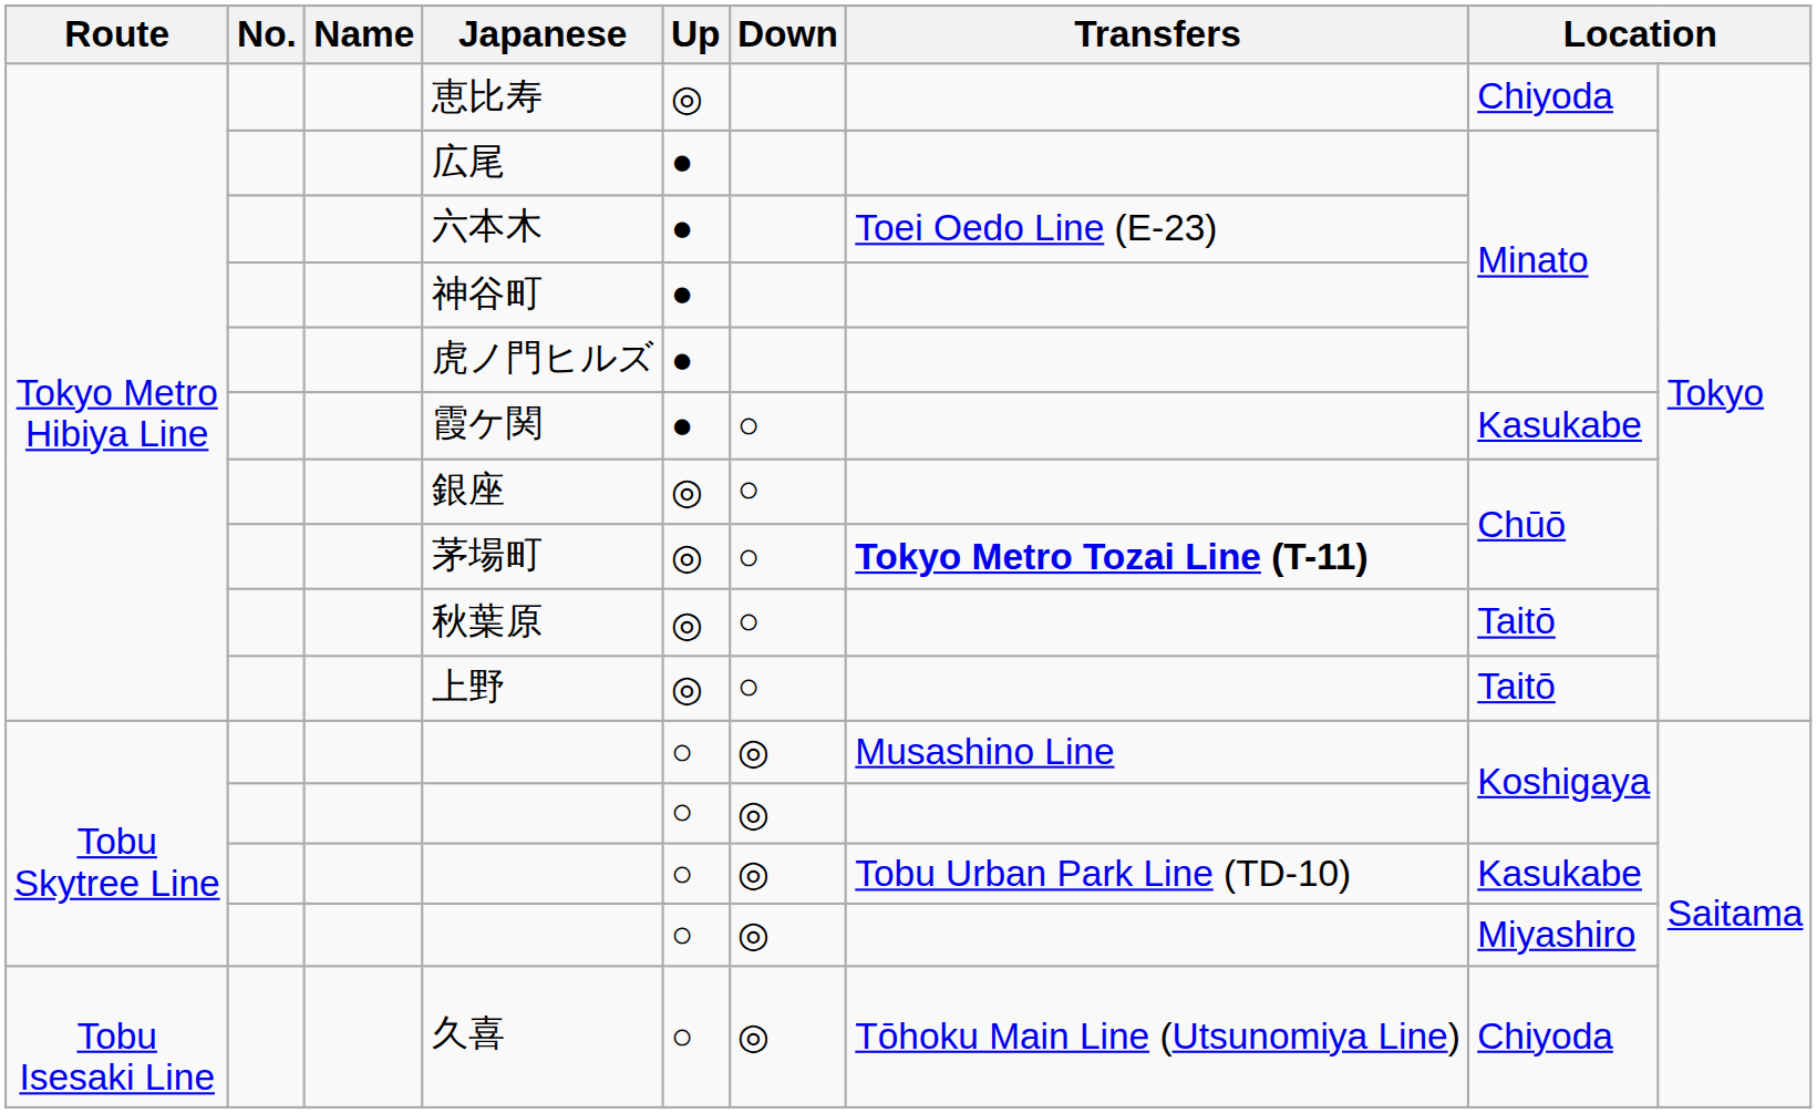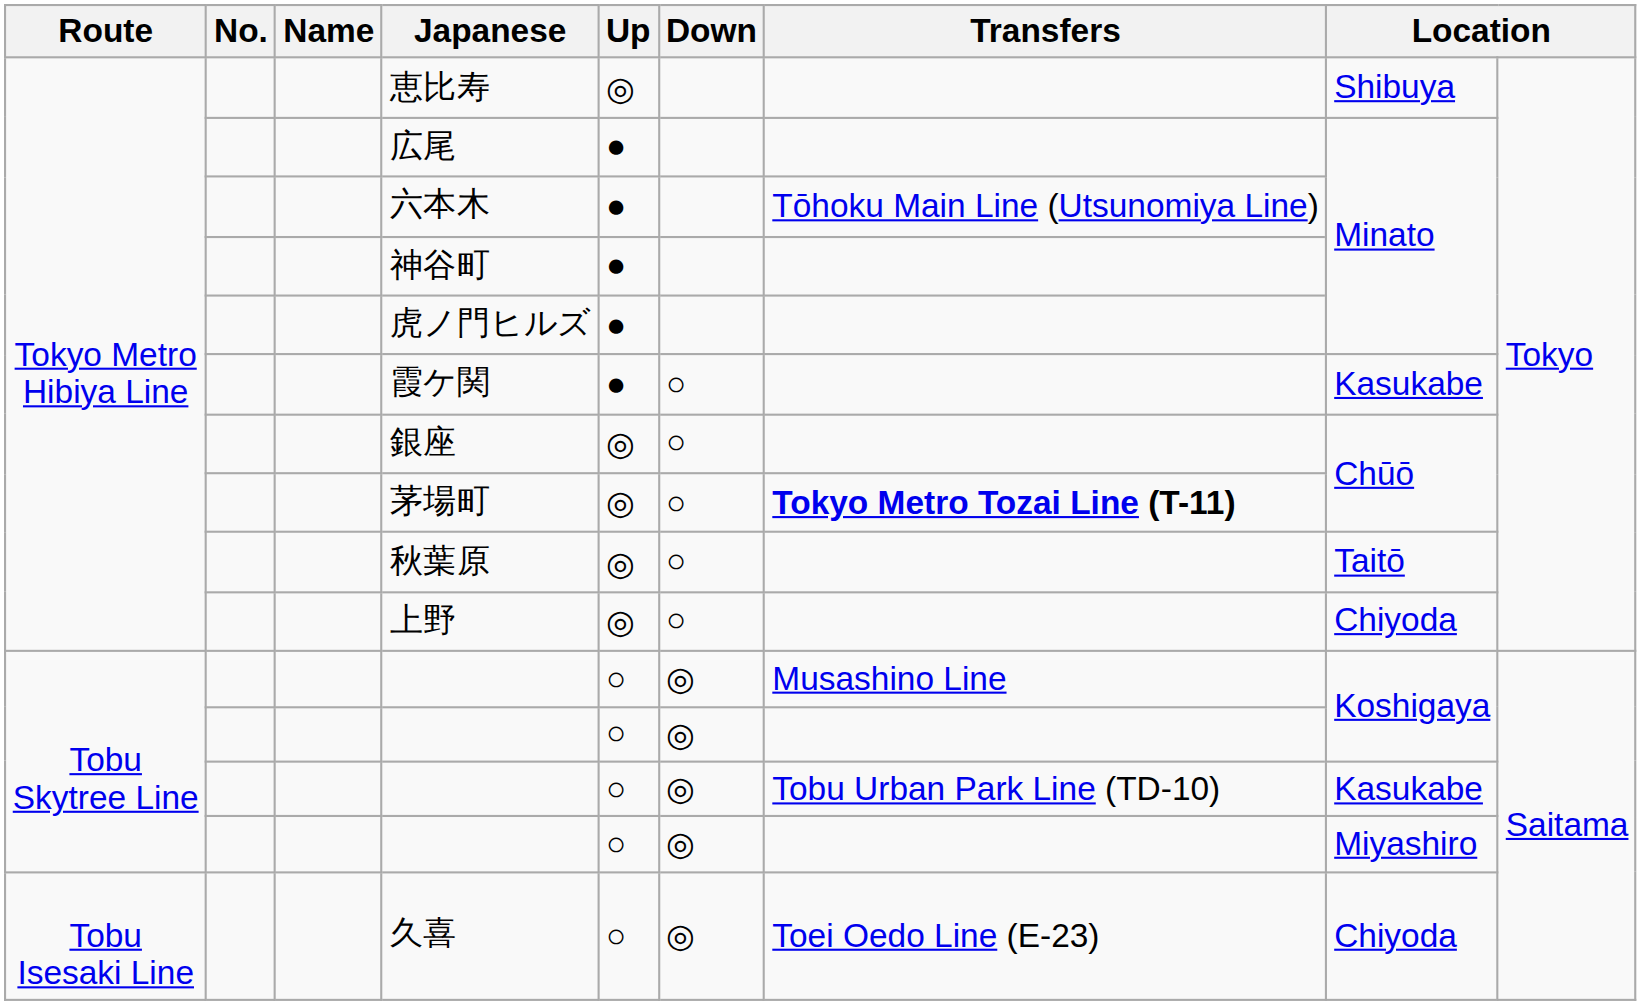 <table class="wikitable">
 <tr>
 <th>Route</th>
 <th>No.</th>
 <th>Name</th>
 <th>Japanese</th>
 <th>Up</th>
 <th>Down</th>
 <th>Transfers</th>
 <th colspan="2">Location</th>
 </tr>
 <tr>
 <td rowspan="10" style="text-align:center;"><br><a href='#'>Tokyo Metro<br>Hibiya Line</a></td>
 <td></td>
 <td></td>
 <td>恵比寿</td>
 <td>◎</td>
 <td></td>
 <td></td>
-<td><a href='#'>Chiyoda</a></td>
+<td><a href='#'>Shibuya</a></td>
 <td rowspan="10"><a href='#'>Tokyo</a></td>
 </tr>
 <tr>
 <td></td>
 <td></td>
 <td>広尾</td>
 <td>●</td>
 <td></td>
 <td></td>
 <td rowspan="4"><a href='#'>Minato</a></td>
 </tr>
 <tr>
 <td></td>
 <td></td>
 <td>六本木</td>
 <td>●</td>
 <td></td>
-<td> <a href='#'>Toei Oedo Line</a> (E-23)</td>
+<td> <a href='#'>Tōhoku Main Line</a> (<a href='#'>Utsunomiya Line</a>)</td>
 </tr>
 <tr>
 <td></td>
 <td></td>
 <td>神谷町</td>
 <td>●</td>
 <td></td>
 <td> </td>
 </tr>
 <tr>
 <td></td>
 <td></td>
 <td>虎ノ門ヒルズ</td>
 <td>●</td>
 <td></td>
 <td></td>
 </tr>
 <tr>
 <td></td>
 <td></td>
 <td>霞ケ関</td>
 <td>●</td>
 <td>○</td>
 <td></td>
 <td><a href='#'>Kasukabe</a></td>
 </tr>
 <tr>
 <td></td>
 <td></td>
 <td>銀座</td>
 <td>◎</td>
 <td>○</td>
 <td></td>
 <td rowspan="2"><a href='#'>Chūō</a></td>
 </tr>
 <tr>
 <td></td>
 <td></td>
 <td>茅場町</td>
 <td>◎</td>
 <td>○</td>
 <td><strong> <a href='#'>Tokyo Metro Tozai Line</a> (T-11)</strong></td>
 </tr>
 <tr>
 <td></td>
 <td></td>
 <td>秋葉原</td>
 <td>◎</td>
 <td>○</td>
 <td></td>
 <td><a href='#'>Taitō</a></td>
 </tr>
 <tr>
 <td></td>
 <td></td>
 <td>上野</td>
 <td>◎</td>
 <td>○</td>
 <td></td>
-<td><a href='#'>Taitō</a></td>
+<td><a href='#'>Chiyoda</a></td>
 </tr>
 <tr>
 <td rowspan="4" style="text-align:center;"><br><a href='#'>Tobu<br>Skytree Line</a></td>
 <td></td>
 <td></td>
 <td></td>
 <td>○</td>
 <td>◎</td>
 <td> <a href='#'>Musashino Line</a></td>
 <td rowspan="2"><a href='#'>Koshigaya</a></td>
 <td rowspan="5"><a href='#'>Saitama</a></td>
 </tr>
 <tr>
 <td></td>
 <td></td>
 <td></td>
 <td>○</td>
 <td>◎</td>
 <td> </td>
 </tr>
 <tr>
 <td></td>
 <td></td>
 <td></td>
 <td>○</td>
 <td>◎</td>
 <td> <a href='#'>Tobu Urban Park Line</a> (TD-10)</td>
 <td><a href='#'>Kasukabe</a></td>
 </tr>
 <tr>
 <td></td>
 <td></td>
 <td></td>
 <td>○</td>
 <td>◎</td>
 <td></td>
 <td><a href='#'>Miyashiro</a></td>
 </tr>
 <tr>
 <td style="text-align:center;"><br><a href='#'>Tobu<br>Isesaki Line</a></td>
 <td></td>
 <td></td>
 <td>久喜</td>
 <td>○</td>
 <td>◎</td>
-<td> <a href='#'>Tōhoku Main Line</a> (<a href='#'>Utsunomiya Line</a>)</td>
+<td> <a href='#'>Toei Oedo Line</a> (E-23)</td>
 <td><a href='#'>Chiyoda</a></td>
 </tr>
 </table>
